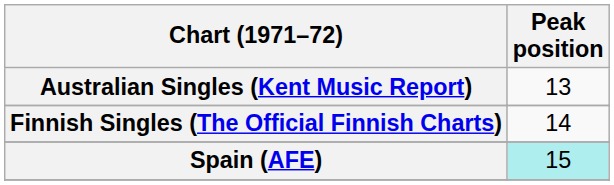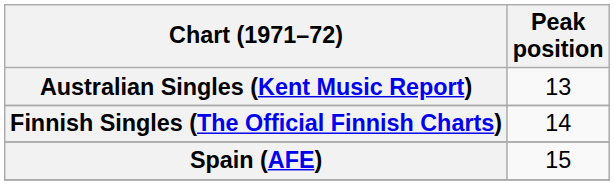 <table class="wikitable sortable plainrowheaders" style="text-align:center">
 <tr>
 <th>Chart (1971–72)</th>
 <th>Peak<br>position</th>
 </tr>
 <tr>
 <th scope="row">Australian Singles (<a href='#'>Kent Music Report</a>)</th>
 <td align="center">13</td>
 </tr>
 <tr>
 </tr>
 <tr>
 <th scope="row">Finnish Singles (<a href='#'>The Official Finnish Charts</a>)</th>
 <td align="center">14</td>
 </tr>
 <tr>
 </tr>
 <tr>
 </tr>
 <tr>
 <th scope="row">Spain (<a href='#'>AFE</a>)</th>
-<td align="center" style="background: paleturquoise;">15</td>
+<td align="center">15</td>
 </tr>
 <tr>
 </tr>
 <tr>
 </tr>
 <tr>
 </tr>
 </table>
